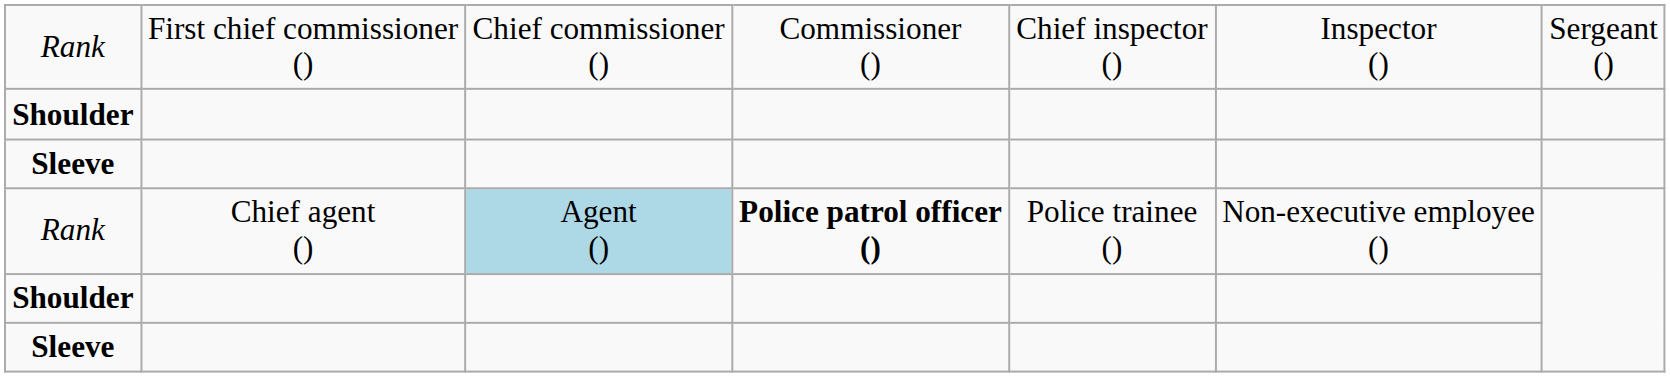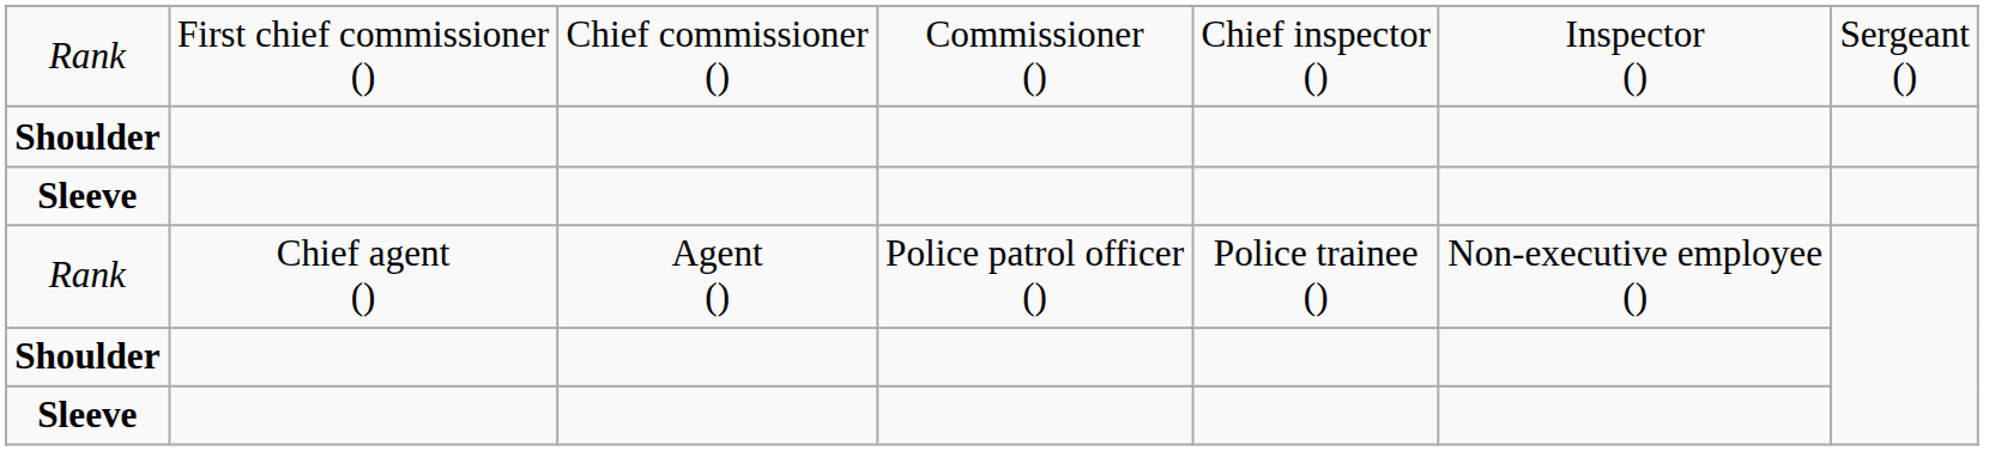 <table class="wikitable" style="text-align:center">
 <tr>
 <td><em>Rank</em></td>
 <td>First chief commissioner<br>()</td>
 <td>Chief commissioner<br>()</td>
 <td>Commissioner<br>()</td>
 <td>Chief inspector<br>()</td>
 <td>Inspector<br>()</td>
 <td>Sergeant<br>()</td>
 </tr>
 <tr>
 <td><strong>Shoulder</strong></td>
 <td></td>
 <td></td>
 <td></td>
 <td></td>
 <td></td>
 <td></td>
 </tr>
 <tr>
 <td><strong>Sleeve</strong></td>
 <td></td>
 <td></td>
 <td></td>
 <td></td>
 <td></td>
 <td></td>
 </tr>
 <tr>
 <td><em>Rank</em></td>
 <td>Chief agent<br>()</td>
-<td style="background: lightblue;">Agent<br>()</td>
-<td><strong>Police patrol officer<br>()</strong></td>
+<td>Agent<br>()</td>
+<td>Police patrol officer<br>()</td>
 <td>Police trainee<br>()</td>
 <td>Non-executive employee<br>()</td>
 </tr>
 <tr>
 <td><strong>Shoulder</strong></td>
 <td></td>
 <td></td>
 <td></td>
 <td></td>
 <td></td>
 </tr>
 <tr>
 <td><strong>Sleeve</strong></td>
 <td></td>
 <td></td>
 <td></td>
 <td></td>
 <td></td>
 </tr>
 </table>
